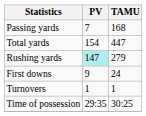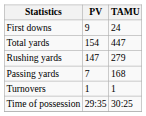 <table class="wikitable" style="float: left;">
 <tr>
 <th>Statistics</th>
 <th>PV</th>
 <th>TAMU</th>
 </tr>
 <tr>
-<td>Passing yards</td>
-<td>7</td>
-<td>168</td>
+<td>First downs</td>
+<td>9</td>
+<td>24</td>
 </tr>
 <tr>
 <td>Total yards</td>
 <td>154</td>
 <td>447</td>
 </tr>
 <tr>
 <td>Rushing yards</td>
-<td style="background: paleturquoise;">147</td>
+<td>147</td>
 <td>279</td>
 </tr>
 <tr>
-<td>First downs</td>
-<td>9</td>
-<td>24</td>
+<td>Passing yards</td>
+<td>7</td>
+<td>168</td>
 </tr>
 <tr>
 <td>Turnovers</td>
 <td>1</td>
 <td>1</td>
 </tr>
 <tr>
 <td>Time of possession</td>
 <td>29:35</td>
 <td>30:25</td>
 </tr>
 <tr>
 </tr>
 </table>
